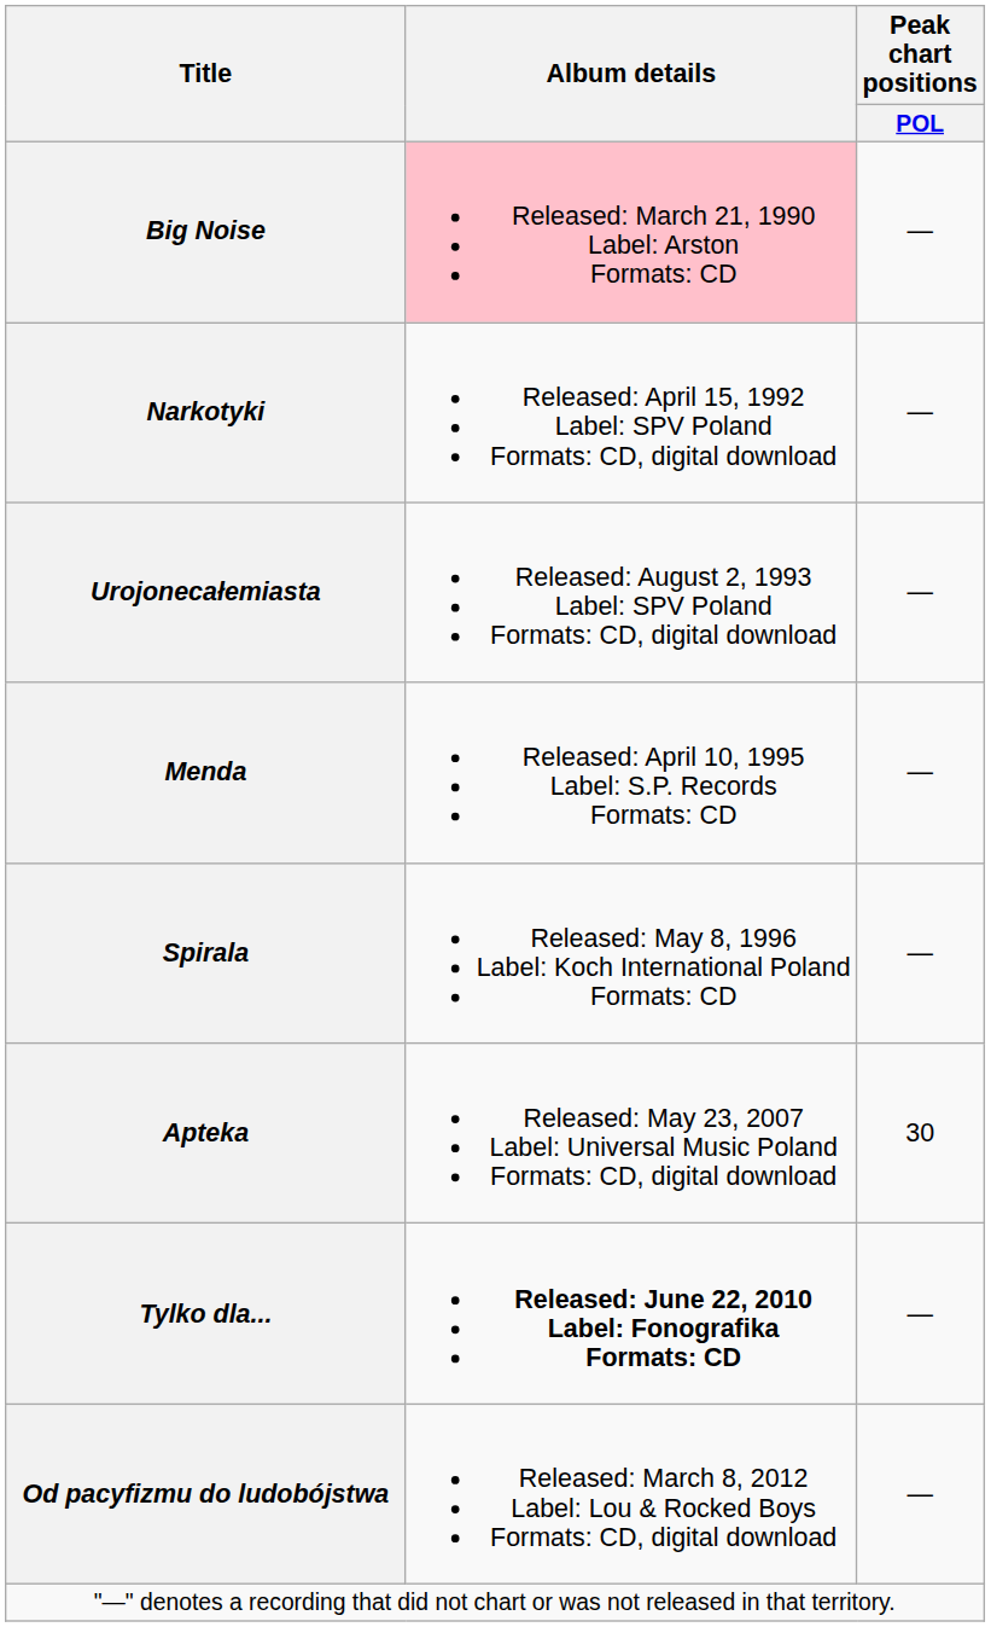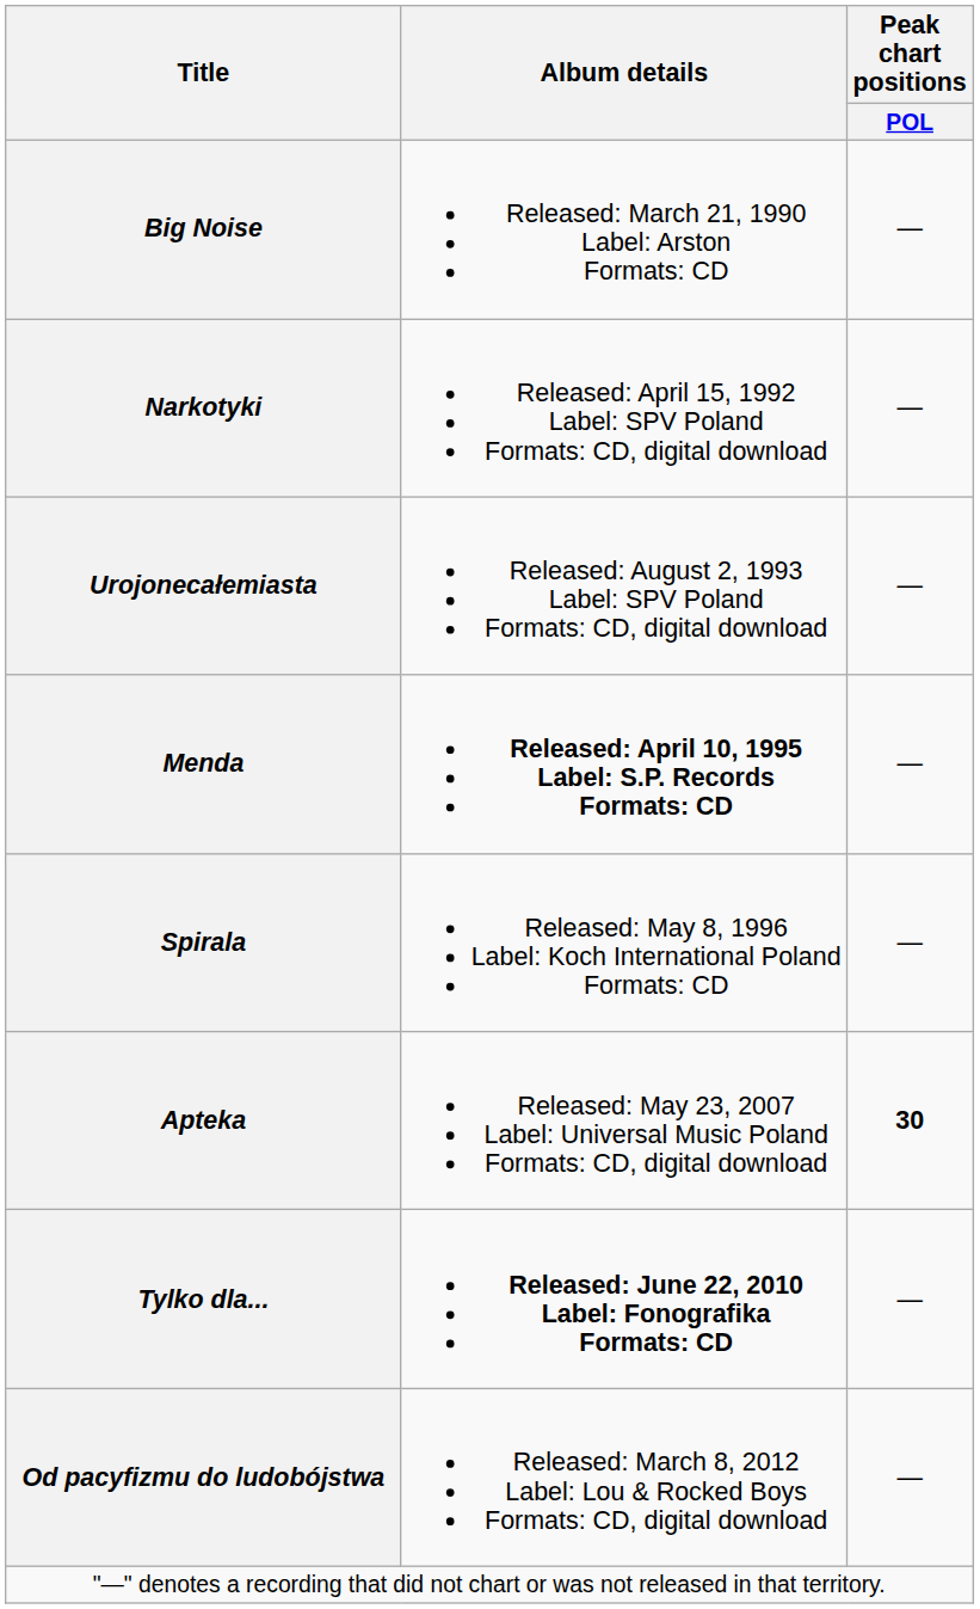 <table class="wikitable plainrowheaders" style="text-align:center;">
 <tr>
 <th scope="col" rowspan="2" style="width:15em;">Title</th>
 <th scope="col" rowspan="2">Album details</th>
 <th scope="col" colspan="1">Peak chart positions</th>
 </tr>
 <tr>
 <th scope="col" style="width:3em;font-size:90%;"><a href='#'>POL</a><br></th>
 </tr>
 <tr>
 <th scope="row"><em>Big Noise</em></th>
-<td style="background: pink;"><br><ul><li>Released: March 21, 1990</li><li>Label: Arston</li><li>Formats: CD</li></ul></td>
+<td><br><ul><li>Released: March 21, 1990</li><li>Label: Arston</li><li>Formats: CD</li></ul></td>
 <td>—</td>
 </tr>
 <tr>
 <th scope="row"><em>Narkotyki</em></th>
 <td><br><ul><li>Released: April 15, 1992</li><li>Label: SPV Poland</li><li>Formats: CD, digital download</li></ul></td>
 <td>—</td>
 </tr>
 <tr>
 <th scope="row"><em>Urojonecałemiasta</em></th>
 <td><br><ul><li>Released: August 2, 1993</li><li>Label: SPV Poland</li><li>Formats: CD, digital download</li></ul></td>
 <td>—</td>
 </tr>
 <tr>
 <th scope="row"><em>Menda</em></th>
-<td><br><ul><li>Released: April 10, 1995</li><li>Label: S.P. Records</li><li>Formats: CD</li></ul></td>
+<td><strong><br><ul><li>Released: April 10, 1995</li><li>Label: S.P. Records</li><li>Formats: CD</li></ul></strong></td>
 <td>—</td>
 </tr>
 <tr>
 <th scope="row"><em>Spirala</em></th>
 <td><br><ul><li>Released: May 8, 1996</li><li>Label: Koch International Poland</li><li>Formats: CD</li></ul></td>
 <td>—</td>
 </tr>
 <tr>
 <th scope="row"><em>Apteka</em></th>
 <td><br><ul><li>Released: May 23, 2007</li><li>Label: Universal Music Poland</li><li>Formats: CD, digital download</li></ul></td>
-<td>30</td>
+<td><strong>30</strong></td>
 </tr>
 <tr>
 <th scope="row"><em>Tylko dla...</em></th>
 <td><strong><br><ul><li>Released: June 22, 2010</li><li>Label: Fonografika</li><li>Formats: CD</li></ul></strong></td>
 <td>—</td>
 </tr>
 <tr>
 <th scope="row"><em>Od pacyfizmu do ludobójstwa</em></th>
 <td><br><ul><li>Released: March 8, 2012</li><li>Label: Lou & Rocked Boys</li><li>Formats: CD, digital download</li></ul></td>
 <td>—</td>
 </tr>
 <tr>
 <td colspan="10" style="font-size:90%">"—" denotes a recording that did not chart or was not released in that territory.</td>
 </tr>
 </table>
